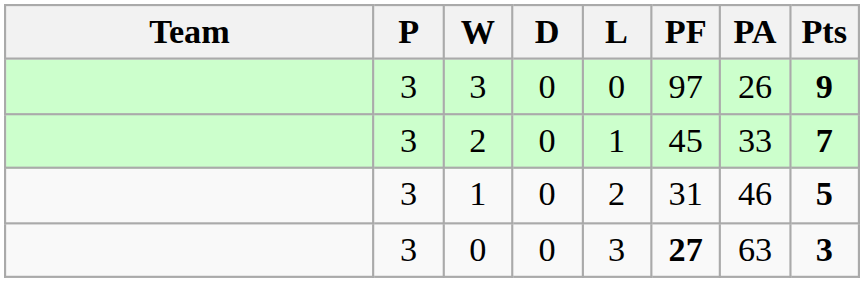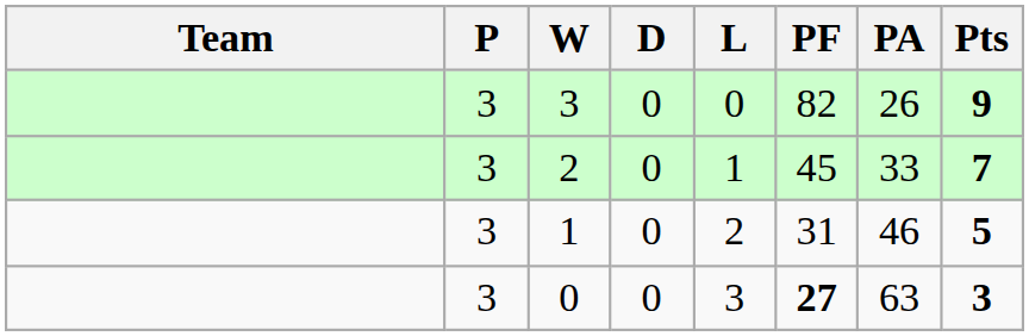 <table class="wikitable" style="text-align:center">
 <tr>
 <th width=165>Team</th>
 <th width=25>P</th>
 <th width=25>W</th>
 <th width=25>D</th>
 <th width=25>L</th>
 <th width=25>PF</th>
 <th width=25>PA</th>
 <th width=25>Pts</th>
 </tr>
 <tr bgcolor=#ccffcc>
 <td align=left></td>
 <td>3</td>
 <td>3</td>
 <td>0</td>
 <td>0</td>
-<td>97</td>
+<td>82</td>
 <td>26</td>
 <td><strong>9</strong></td>
 </tr>
 <tr bgcolor=#ccffcc>
 <td align=left></td>
 <td>3</td>
 <td>2</td>
 <td>0</td>
 <td>1</td>
 <td>45</td>
 <td>33</td>
 <td><strong>7</strong></td>
 </tr>
 <tr>
 <td align=left></td>
 <td>3</td>
 <td>1</td>
 <td>0</td>
 <td>2</td>
 <td>31</td>
 <td>46</td>
 <td><strong>5</strong></td>
 </tr>
 <tr>
 <td align=left></td>
 <td>3</td>
 <td>0</td>
 <td>0</td>
 <td>3</td>
 <td><strong>27</strong></td>
 <td>63</td>
 <td><strong>3</strong></td>
 </tr>
 </table>
